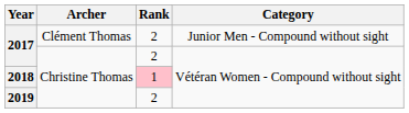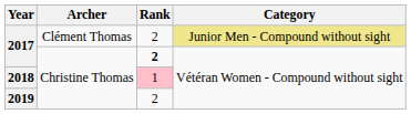 <table class="wikitable" style="text-align:center;">
 <tr>
 <th scope="col">Year</th>
 <th scope="col">Archer</th>
 <th scope="col">Rank</th>
 <th scope="col">Category</th>
 </tr>
 <tr>
 <th scope="row" rowspan="2">2017</th>
 <td>Clément Thomas</td>
 <td> 2</td>
-<td>Junior Men - Compound without sight</td>
+<td style="background: khaki;">Junior Men - Compound without sight</td>
 </tr>
 <tr>
 <td rowspan="3">Christine Thomas</td>
-<td> 2</td>
+<td><strong> 2</strong></td>
 <td rowspan="3">Vétéran Women - Compound without sight</td>
 </tr>
 <tr>
 <th scope="row">2018</th>
 <td style="background: pink;"> 1</td>
 </tr>
 <tr>
 <th scope="row">2019</th>
 <td> 2</td>
 </tr>
 </table>
